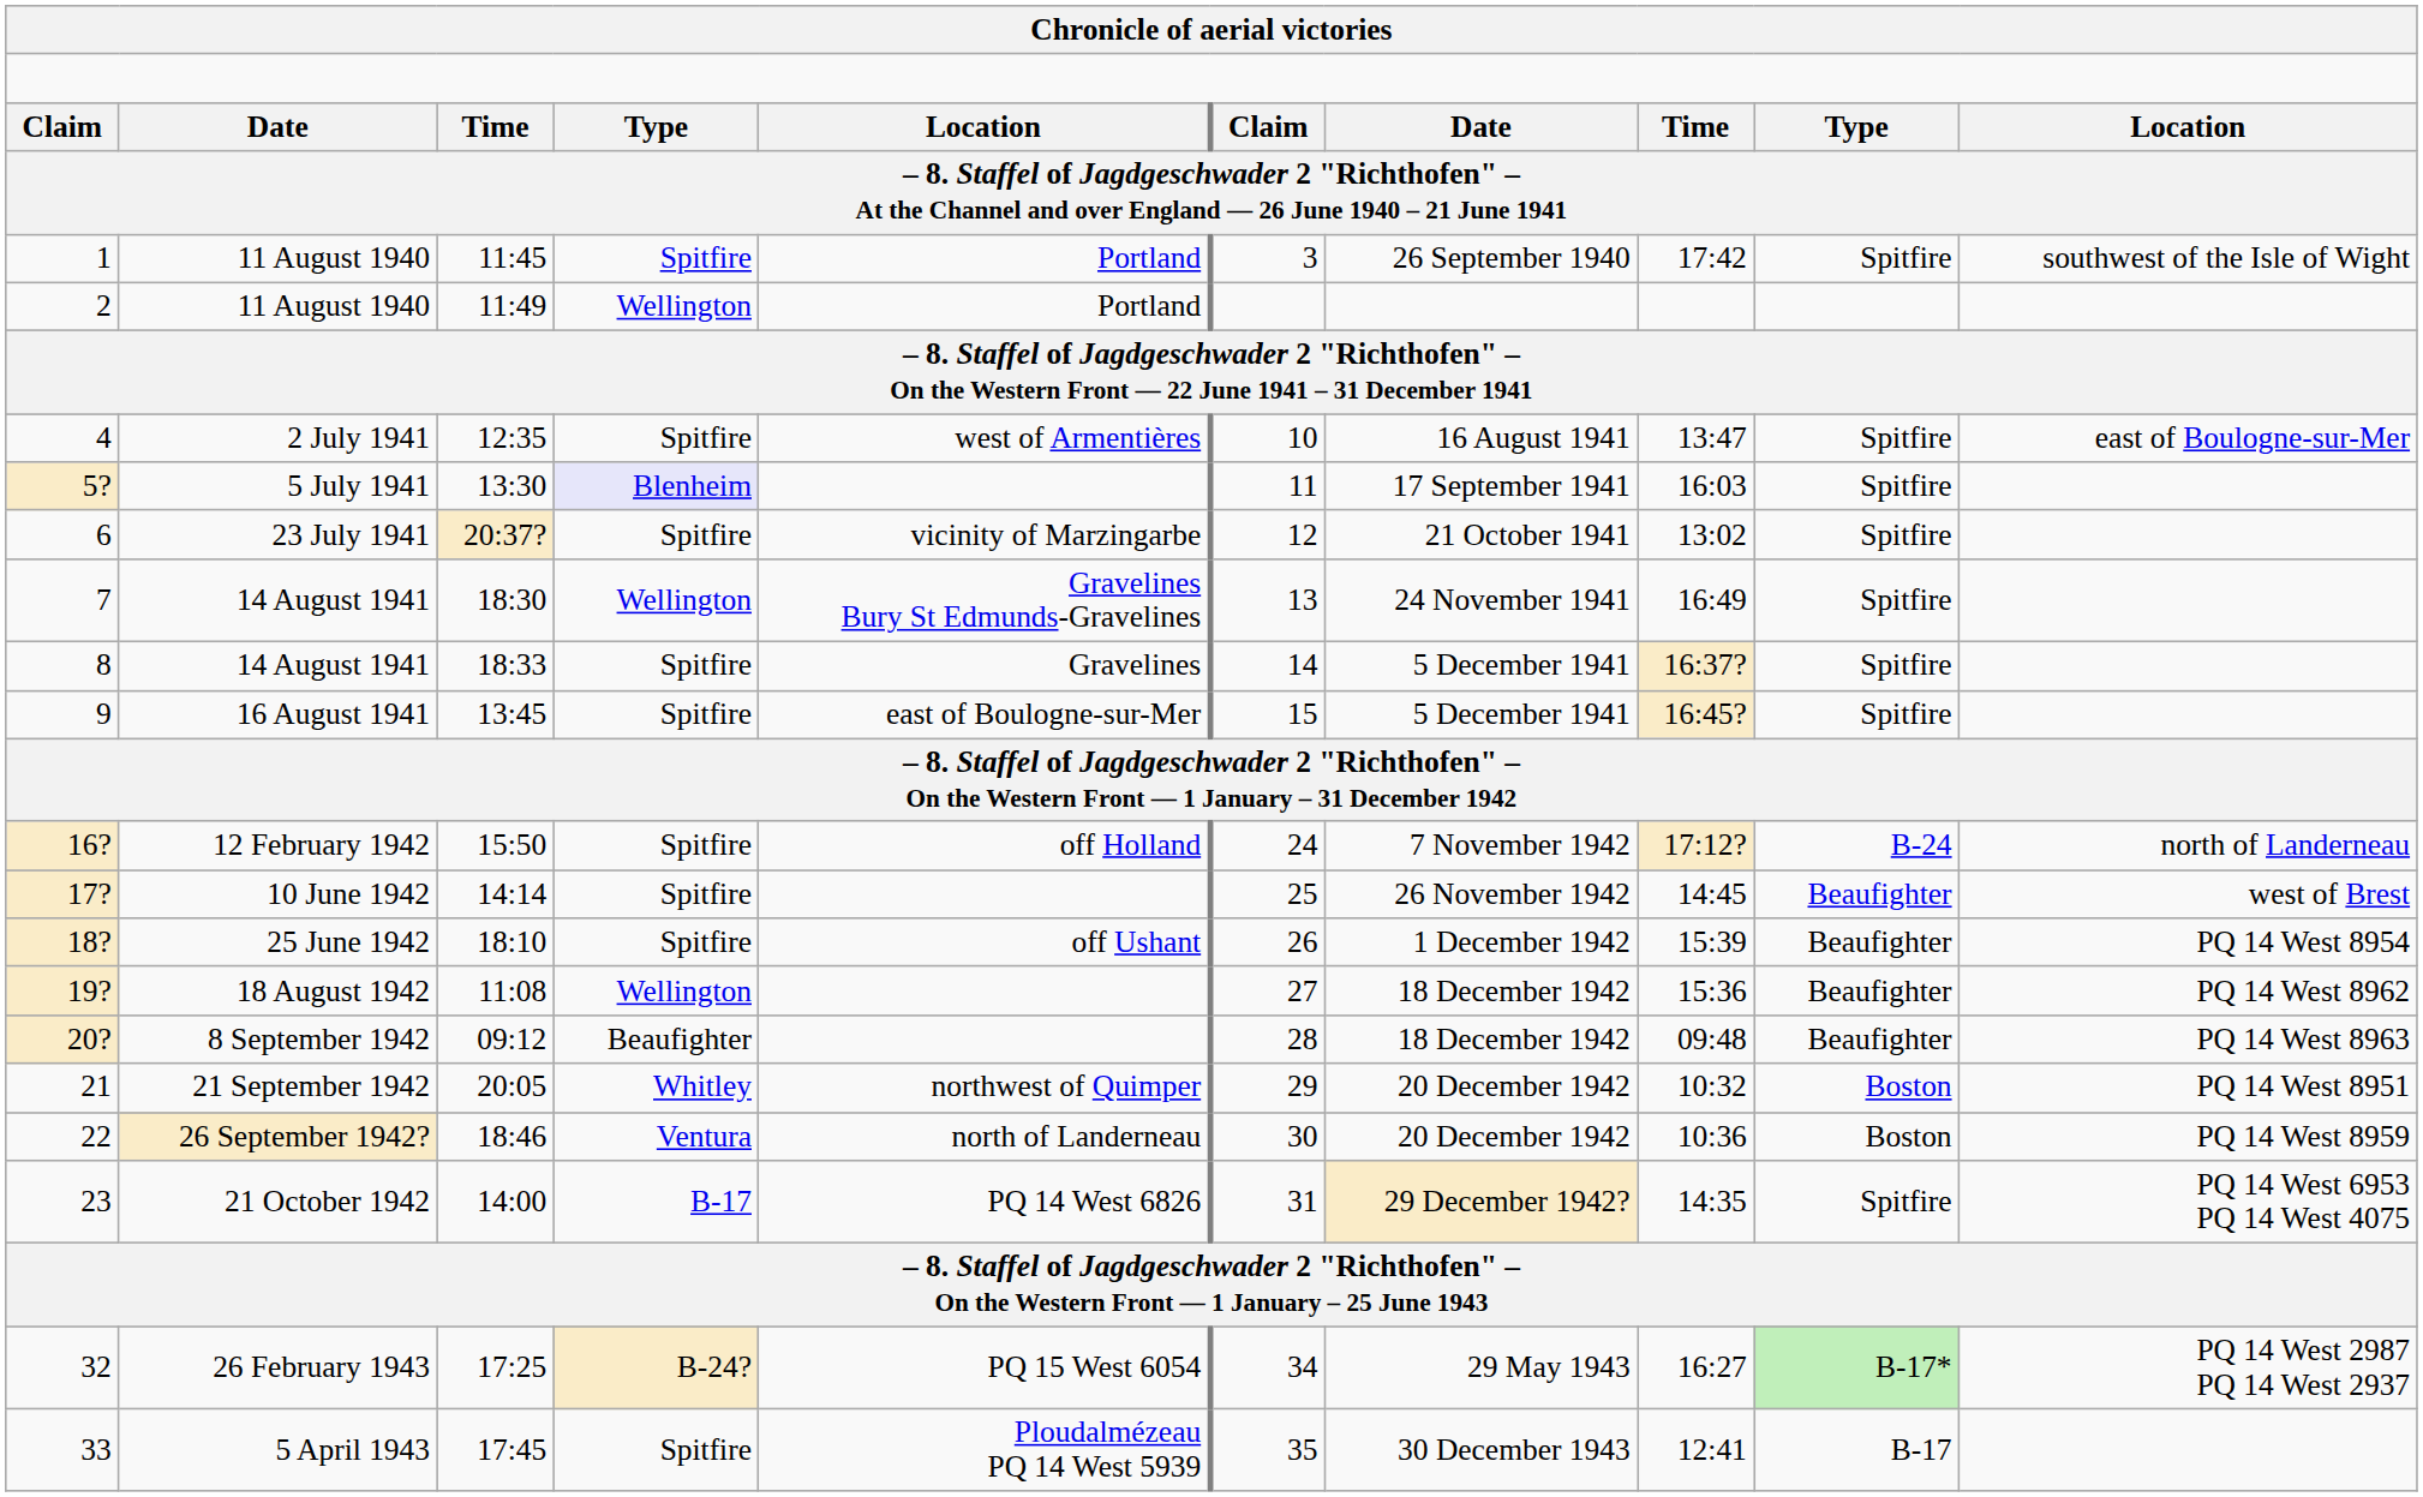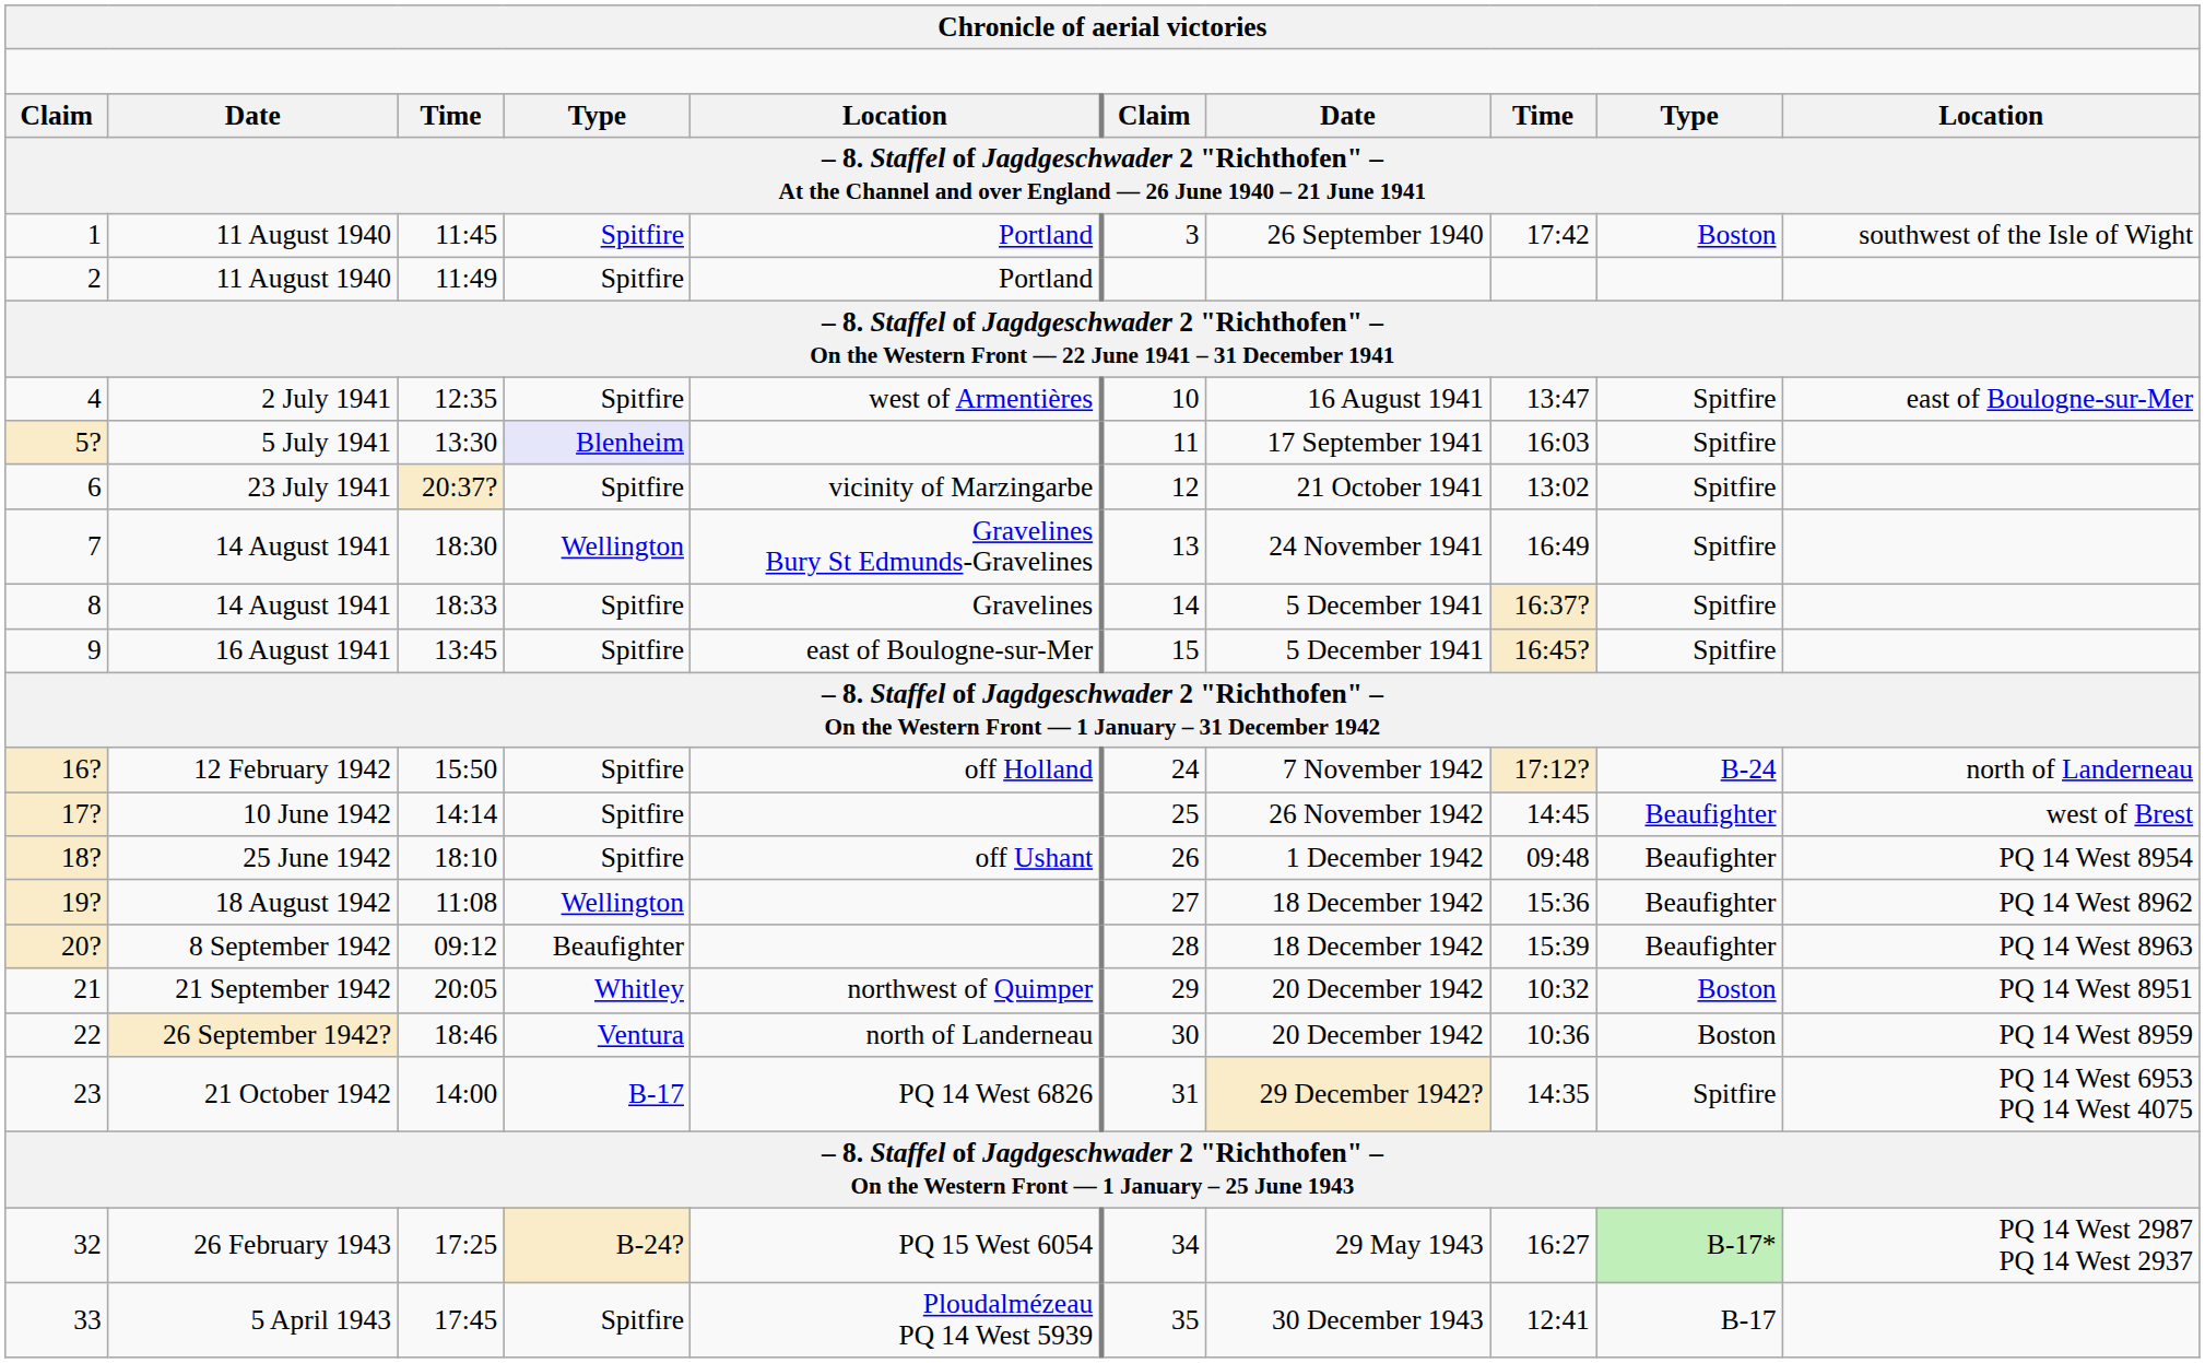 <table class="wikitable plainrowheaders collapsible" style="margin-left: auto; margin-right: auto; border: none; text-align:right; width: 100%;">
 <tr>
 <th colspan="10">Chronicle of aerial victories</th>
 </tr>
 <tr>
 <td colspan="10" style="text-align: left;"><br> </td>
 </tr>
 <tr>
 <th scope="col">Claim</th>
 <th scope="col">Date</th>
 <th scope="col">Time</th>
 <th scope="col" width="100px">Type</th>
 <th scope="col">Location</th>
 <th scope="col" style="border-left: 3px solid grey;">Claim</th>
 <th scope="col">Date</th>
 <th scope="col">Time</th>
 <th scope="col" width="100px">Type</th>
 <th scope="col">Location</th>
 </tr>
 <tr>
 <th colspan="10">– 8. <em>Staffel</em> of <em>Jagdgeschwader</em> 2 "Richthofen" –<br><small>At the Channel and over England — 26 June 1940 – 21 June 1941</small></th>
 </tr>
 <tr>
 <td>1</td>
 <td>11 August 1940</td>
 <td>11:45</td>
 <td><a href='#'>Spitfire</a></td>
 <td><a href='#'>Portland</a></td>
 <td style="border-left: 3px solid grey;">3</td>
 <td>26 September 1940</td>
 <td>17:42</td>
-<td>Spitfire</td>
+<td><a href='#'>Boston</a></td>
 <td> southwest of the Isle of Wight</td>
 </tr>
 <tr>
 <td>2</td>
 <td>11 August 1940</td>
 <td>11:49</td>
-<td><a href='#'>Wellington</a></td>
+<td>Spitfire</td>
 <td>Portland</td>
 <td style="border-left: 3px solid grey;"></td>
 <td></td>
 <td></td>
 <td></td>
 <td></td>
 </tr>
 <tr>
 <th colspan="10">– 8. <em>Staffel</em> of <em>Jagdgeschwader</em> 2 "Richthofen" –<br><small>On the Western Front — 22 June 1941 – 31 December 1941</small></th>
 </tr>
 <tr>
 <td>4</td>
 <td>2 July 1941</td>
 <td>12:35</td>
 <td>Spitfire</td>
 <td>west of <a href='#'>Armentières</a></td>
 <td style="border-left: 3px solid grey;">10</td>
 <td>16 August 1941</td>
 <td>13:47</td>
 <td>Spitfire</td>
 <td>east of <a href='#'>Boulogne-sur-Mer</a></td>
 </tr>
 <tr>
 <td style="background:#faecc8">5?</td>
 <td>5 July 1941</td>
 <td>13:30</td>
 <td style="background: lavender;"><a href='#'>Blenheim</a></td>
 <td></td>
 <td style="border-left: 3px solid grey;">11</td>
 <td>17 September 1941</td>
 <td>16:03</td>
 <td>Spitfire</td>
 <td></td>
 </tr>
 <tr>
 <td>6</td>
 <td>23 July 1941</td>
 <td style="background:#faecc8">20:37?</td>
 <td>Spitfire</td>
 <td>vicinity of Marzingarbe</td>
 <td style="border-left: 3px solid grey;">12</td>
 <td>21 October 1941</td>
 <td>13:02</td>
 <td>Spitfire</td>
 <td></td>
 </tr>
 <tr>
 <td>7</td>
 <td>14 August 1941</td>
 <td>18:30</td>
 <td><a href='#'>Wellington</a></td>
 <td><a href='#'>Gravelines</a><br><a href='#'>Bury St Edmunds</a>-Gravelines</td>
 <td style="border-left: 3px solid grey;">13</td>
 <td>24 November 1941</td>
 <td>16:49</td>
 <td>Spitfire</td>
 <td></td>
 </tr>
 <tr>
 <td>8</td>
 <td>14 August 1941</td>
 <td>18:33</td>
 <td>Spitfire</td>
 <td>Gravelines</td>
 <td style="border-left: 3px solid grey;">14</td>
 <td>5 December 1941</td>
 <td style="background:#faecc8">16:37?</td>
 <td>Spitfire</td>
 <td></td>
 </tr>
 <tr>
 <td>9</td>
 <td>16 August 1941</td>
 <td>13:45</td>
 <td>Spitfire</td>
 <td>east of Boulogne-sur-Mer</td>
 <td style="border-left: 3px solid grey;">15</td>
 <td>5 December 1941</td>
 <td style="background:#faecc8">16:45?</td>
 <td>Spitfire</td>
 <td></td>
 </tr>
 <tr>
 <th colspan="10">– 8. <em>Staffel</em> of <em>Jagdgeschwader</em> 2 "Richthofen" –<br><small>On the Western Front — 1 January – 31 December 1942</small></th>
 </tr>
 <tr>
 <td style="background:#faecc8">16?</td>
 <td>12 February 1942</td>
 <td>15:50</td>
 <td>Spitfire</td>
 <td>off <a href='#'>Holland</a></td>
 <td style="border-left: 3px solid grey;">24</td>
 <td>7 November 1942</td>
 <td style="background:#faecc8">17:12?</td>
 <td><a href='#'>B-24</a></td>
 <td> north of <a href='#'>Landerneau</a></td>
 </tr>
 <tr>
 <td style="background:#faecc8">17?</td>
 <td>10 June 1942</td>
 <td>14:14</td>
 <td>Spitfire</td>
 <td></td>
 <td style="border-left: 3px solid grey;">25</td>
 <td>26 November 1942</td>
 <td>14:45</td>
 <td><a href='#'>Beaufighter</a></td>
 <td> west of <a href='#'>Brest</a></td>
 </tr>
 <tr>
 <td style="background:#faecc8">18?</td>
 <td>25 June 1942</td>
 <td>18:10</td>
 <td>Spitfire</td>
 <td>off <a href='#'>Ushant</a></td>
 <td style="border-left: 3px solid grey;">26</td>
 <td>1 December 1942</td>
-<td>15:39</td>
+<td>09:48</td>
 <td>Beaufighter</td>
 <td>PQ 14 West 8954</td>
 </tr>
 <tr>
 <td style="background:#faecc8">19?</td>
 <td>18 August 1942</td>
 <td>11:08</td>
 <td><a href='#'>Wellington</a></td>
 <td></td>
 <td style="border-left: 3px solid grey;">27</td>
 <td>18 December 1942</td>
 <td>15:36</td>
 <td>Beaufighter</td>
 <td>PQ 14 West 8962</td>
 </tr>
 <tr>
 <td style="background:#faecc8">20?</td>
 <td>8 September 1942</td>
 <td>09:12</td>
 <td>Beaufighter</td>
 <td></td>
 <td style="border-left: 3px solid grey;">28</td>
 <td>18 December 1942</td>
-<td>09:48</td>
+<td>15:39</td>
 <td>Beaufighter</td>
 <td>PQ 14 West 8963</td>
 </tr>
 <tr>
 <td>21</td>
 <td>21 September 1942</td>
 <td>20:05</td>
 <td><a href='#'>Whitley</a></td>
 <td>northwest of <a href='#'>Quimper</a></td>
 <td style="border-left: 3px solid grey;">29</td>
 <td>20 December 1942</td>
 <td>10:32</td>
 <td><a href='#'>Boston</a></td>
 <td>PQ 14 West 8951</td>
 </tr>
 <tr>
 <td>22</td>
 <td style="background:#faecc8">26 September 1942?</td>
 <td>18:46</td>
 <td><a href='#'>Ventura</a></td>
 <td>north of Landerneau</td>
 <td style="border-left: 3px solid grey;">30</td>
 <td>20 December 1942</td>
 <td>10:36</td>
 <td>Boston</td>
 <td>PQ 14 West 8959</td>
 </tr>
 <tr>
 <td>23</td>
 <td>21 October 1942</td>
 <td>14:00</td>
 <td><a href='#'>B-17</a></td>
 <td>PQ 14 West 6826</td>
 <td style="border-left: 3px solid grey;">31</td>
 <td style="background:#faecc8">29 December 1942?</td>
 <td>14:35</td>
 <td>Spitfire</td>
 <td>PQ 14 West 6953<br>PQ 14 West 4075</td>
 </tr>
 <tr>
 <th colspan="10">– 8. <em>Staffel</em> of <em>Jagdgeschwader</em> 2 "Richthofen" –<br><small>On the Western Front — 1 January – 25 June 1943</small></th>
 </tr>
 <tr>
 <td>32</td>
 <td>26 February 1943</td>
 <td>17:25</td>
 <td style="background:#faecc8">B-24?</td>
 <td>PQ 15 West 6054</td>
 <td style="border-left: 3px solid grey;">34</td>
 <td>29 May 1943</td>
 <td>16:27</td>
 <td style="background:#C0EFBA">B-17*</td>
 <td>PQ 14 West 2987<br>PQ 14 West 2937</td>
 </tr>
 <tr>
 <td>33</td>
 <td>5 April 1943</td>
 <td>17:45</td>
 <td>Spitfire</td>
 <td><a href='#'>Ploudalmézeau</a><br>PQ 14 West 5939</td>
 <td style="border-left: 3px solid grey;">35</td>
 <td>30 December 1943</td>
 <td>12:41</td>
 <td>B-17</td>
 <td></td>
 </tr>
 </table>
